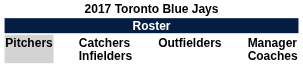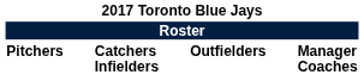 <table class="toccolours" style="font-size: 95%;">
 <tr http://upload.wikimedia.org/wikipedia/en/c/c8/Button_redirect.png>
 <th colspan="10">2017 Toronto Blue Jays</th>
 </tr>
 <tr>
 <td colspan="10" style="background:#041E42; color:white; text-align:center;"><strong>Roster</strong></td>
 </tr>
 <tr>
-<td valign="top" style="background: lightgrey;"><strong>Pitchers</strong><br>                                </td>
+<td valign="top"><strong>Pitchers</strong><br>                                </td>
 <td style="width:25px;"></td>
 <td valign="top"><strong>Catchers</strong><br>      <strong>Infielders</strong>          </td>
 <td style="width:25px;"></td>
 <td valign="top"><strong>Outfielders</strong><br>          </td>
 <td style="width:25px;"></td>
 <td valign="top"><strong>Manager</strong><br> <strong>Coaches</strong>                  </td>
 </tr>
 </table>
